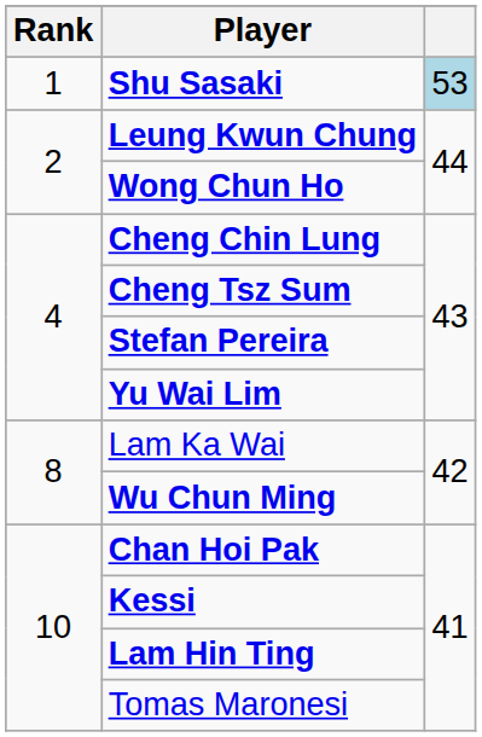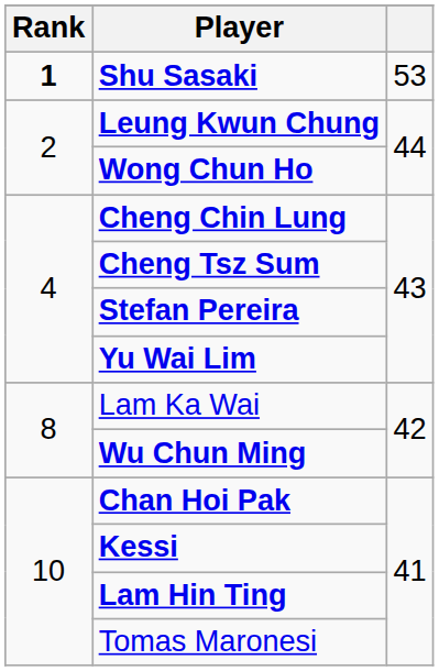 <table class="wikitable sortable" style="text-align:center">
 <tr>
 </tr>
 <tr>
 <th>Rank</th>
 <th>Player</th>
 <th></th>
 </tr>
 <tr>
-<td>1</td>
+<td><strong>1</strong></td>
 <td style="text-align:left"> <strong><a href='#'>Shu Sasaki</a></strong></td>
-<td style="background: lightblue;">53</td>
+<td>53</td>
 </tr>
 <tr>
 <td rowspan=2>2</td>
 <td style="text-align:left"> <strong><a href='#'>Leung Kwun Chung</a></strong></td>
 <td rowspan=2>44</td>
 </tr>
 <tr>
 <td style="text-align:left"> <strong><a href='#'>Wong Chun Ho</a></strong></td>
 </tr>
 <tr>
 <td rowspan=4>4</td>
 <td style="text-align:left"> <strong><a href='#'>Cheng Chin Lung</a></strong></td>
 <td rowspan=4>43</td>
 </tr>
 <tr>
 <td style="text-align:left"> <strong><a href='#'>Cheng Tsz Sum</a></strong></td>
 </tr>
 <tr>
 <td style="text-align:left"> <strong><a href='#'>Stefan Pereira</a></strong></td>
 </tr>
 <tr>
 <td style="text-align:left"> <strong><a href='#'>Yu Wai Lim</a></strong></td>
 </tr>
 <tr>
 <td rowspan=2>8</td>
 <td style="text-align:left"> <a href='#'>Lam Ka Wai</a></td>
 <td rowspan=2>42</td>
 </tr>
 <tr>
 <td style="text-align:left"> <strong><a href='#'>Wu Chun Ming</a></strong></td>
 </tr>
 <tr>
 <td rowspan=4>10</td>
 <td style="text-align:left"> <strong><a href='#'>Chan Hoi Pak</a></strong></td>
 <td rowspan=4>41</td>
 </tr>
 <tr>
 <td style="text-align:left"> <strong><a href='#'>Kessi</a></strong></td>
 </tr>
 <tr>
 <td style="text-align:left"> <strong><a href='#'>Lam Hin Ting</a></strong></td>
 </tr>
 <tr>
 <td style="text-align:left"> <a href='#'>Tomas Maronesi</a></td>
 </tr>
 </table>
